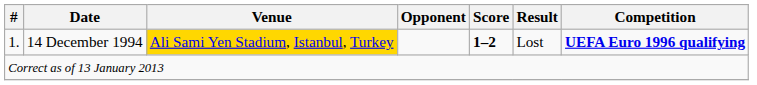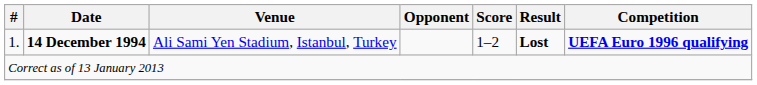 <table class="wikitable" style="font-size:85%;">
 <tr>
 <th>#</th>
 <th>Date</th>
 <th>Venue</th>
 <th>Opponent</th>
 <th>Score</th>
 <th>Result</th>
 <th>Competition</th>
 </tr>
 <tr>
 <td>1.</td>
-<td>14 December 1994</td>
-<td style="background: gold;"><a href='#'>Ali Sami Yen Stadium</a>, <a href='#'>Istanbul</a>, <a href='#'>Turkey</a></td>
+<td><strong>14 December 1994</strong></td>
+<td><a href='#'>Ali Sami Yen Stadium</a>, <a href='#'>Istanbul</a>, <a href='#'>Turkey</a></td>
 <td></td>
-<td><strong>1–2</strong></td>
-<td>Lost</td>
+<td>1–2</td>
+<td><strong>Lost</strong></td>
 <td><strong><a href='#'>UEFA Euro 1996 qualifying</a></strong></td>
 </tr>
 <tr>
 <td colspan="12"><small><em>Correct as of 13 January 2013</em></small></td>
 </tr>
 <tr>
 </tr>
 </table>
